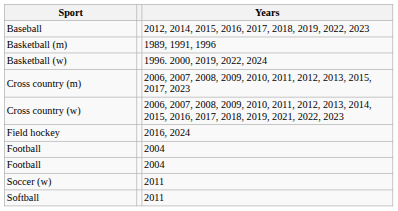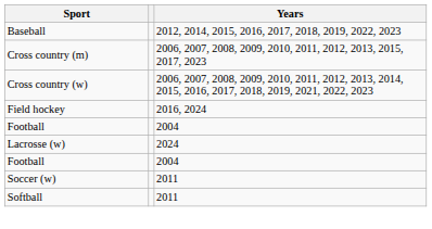 <table class="wikitable sortable"; style= "text-align: ">
 <tr>
 <th width=200px>Sport</th>
 <th width=px></th>
 <th width=px>Years</th>
 </tr>
 <tr>
 <td>Baseball</td>
 <td></td>
 <td>2012, 2014, 2015, 2016, 2017, 2018, 2019, 2022, 2023</td>
-</tr>
-<tr>
-<td>Basketball (m)</td>
-<td></td>
-<td>1989, 1991, 1996</td>
-</tr>
-<tr>
-<td>Basketball (w)</td>
-<td></td>
-<td>1996. 2000, 2019, 2022, 2024</td>
 </tr>
 <tr>
 <td>Cross country (m)</td>
 <td></td>
 <td>2006, 2007, 2008, 2009, 2010, 2011, 2012, 2013, 2015, 2017, 2023</td>
 </tr>
 <tr>
 <td>Cross country (w)</td>
 <td></td>
 <td>2006, 2007, 2008, 2009, 2010, 2011, 2012, 2013, 2014, 2015, 2016, 2017, 2018, 2019, 2021, 2022, 2023</td>
 </tr>
 <tr>
 <td>Field hockey</td>
 <td></td>
 <td>2016, 2024</td>
 </tr>
 <tr>
 <td>Football</td>
 <td></td>
 <td>2004</td>
 </tr>
 <tr>
+<td>Lacrosse (w)</td>
+<td></td>
+<td>2024</td>
+</tr>
+<tr>
 <td>Football</td>
 <td></td>
 <td>2004</td>
 </tr>
 <tr>
 <td>Soccer (w)</td>
 <td></td>
 <td>2011</td>
 </tr>
 <tr>
 <td>Softball</td>
 <td></td>
 <td>2011</td>
 </tr>
 </table>
